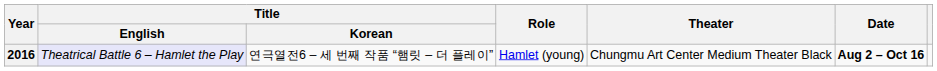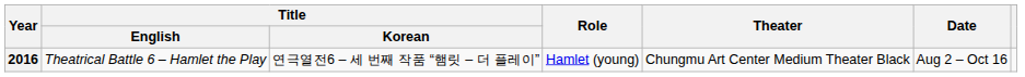 <table class="wikitable sortable plainrowheaders">
 <tr>
 <th scope="col" rowspan="2">Year</th>
 <th scope="col" colspan="2">Title</th>
 <th scope="col" rowspan="2">Role</th>
 <th rowspan="2" scope="col">Theater</th>
 <th rowspan="2" scope="col">Date</th>
 <th rowspan="2" scope="col" class="unsortable"></th>
 </tr>
 <tr>
 <th>English</th>
 <th>Korean</th>
 </tr>
 <tr>
 <th scope="row">2016</th>
-<td style="background: lavender;"><em>Theatrical Battle 6 – Hamlet the Play</em></td>
+<td><em>Theatrical Battle 6 – Hamlet the Play</em></td>
 <td>연극열전6 – 세 번째 작품 “햄릿 – 더 플레이”</td>
 <td><a href='#'>Hamlet</a> (young)</td>
 <td>Chungmu Art Center Medium Theater Black</td>
-<td><strong>Aug 2 – Oct 16</strong></td>
+<td>Aug 2 – Oct 16</td>
 <td></td>
 </tr>
 </table>
